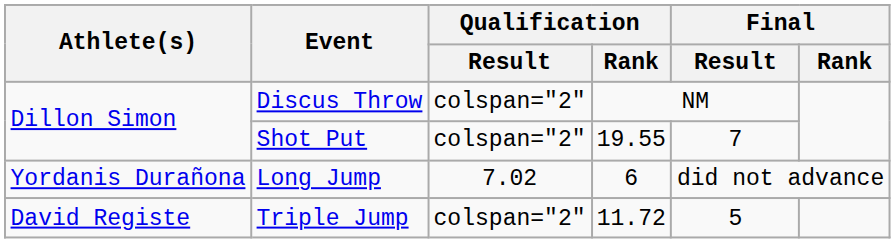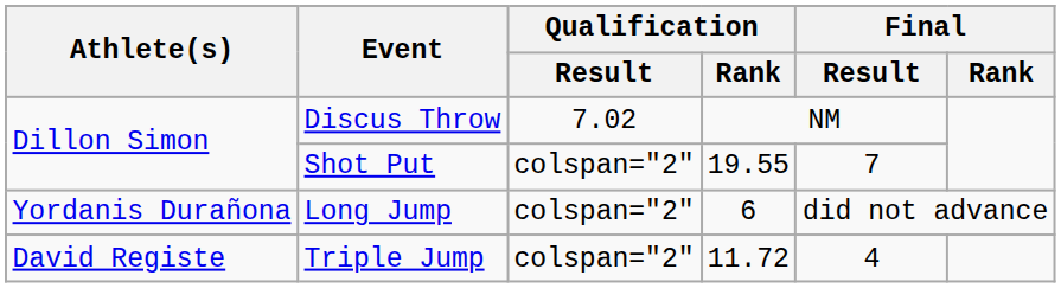 <table class="wikitable" border="1" style="font-size:90%">
 <tr>
 <th rowspan=2>Athlete(s)</th>
 <th rowspan=2>Event</th>
 <th colspan=2>Qualification</th>
 <th colspan=2>Final</th>
 </tr>
 <tr>
 <th>Result</th>
 <th>Rank</th>
 <th>Result</th>
 <th>Rank</th>
 </tr>
 <tr>
 <td rowspan=2><a href='#'>Dillon Simon</a></td>
 <td><a href='#'>Discus Throw</a></td>
-<td>colspan="2" </td>
+<td align=center>7.02</td>
 <td align=center colspan="2">NM</td>
 </tr>
 <tr>
 <td><a href='#'>Shot Put</a></td>
 <td>colspan="2" </td>
 <td align=center>19.55</td>
 <td align=center>7</td>
 </tr>
 <tr>
 <td><a href='#'>Yordanis Durañona</a></td>
 <td><a href='#'>Long Jump</a></td>
-<td align=center>7.02</td>
+<td>colspan="2" </td>
 <td align=center>6</td>
 <td colspan="2">did not advance</td>
 </tr>
 <tr>
 <td><a href='#'>David Registe</a></td>
 <td><a href='#'>Triple Jump</a></td>
 <td>colspan="2" </td>
 <td align=center>11.72</td>
-<td align=center>5</td>
+<td align=center>4</td>
 </tr>
 </table>
